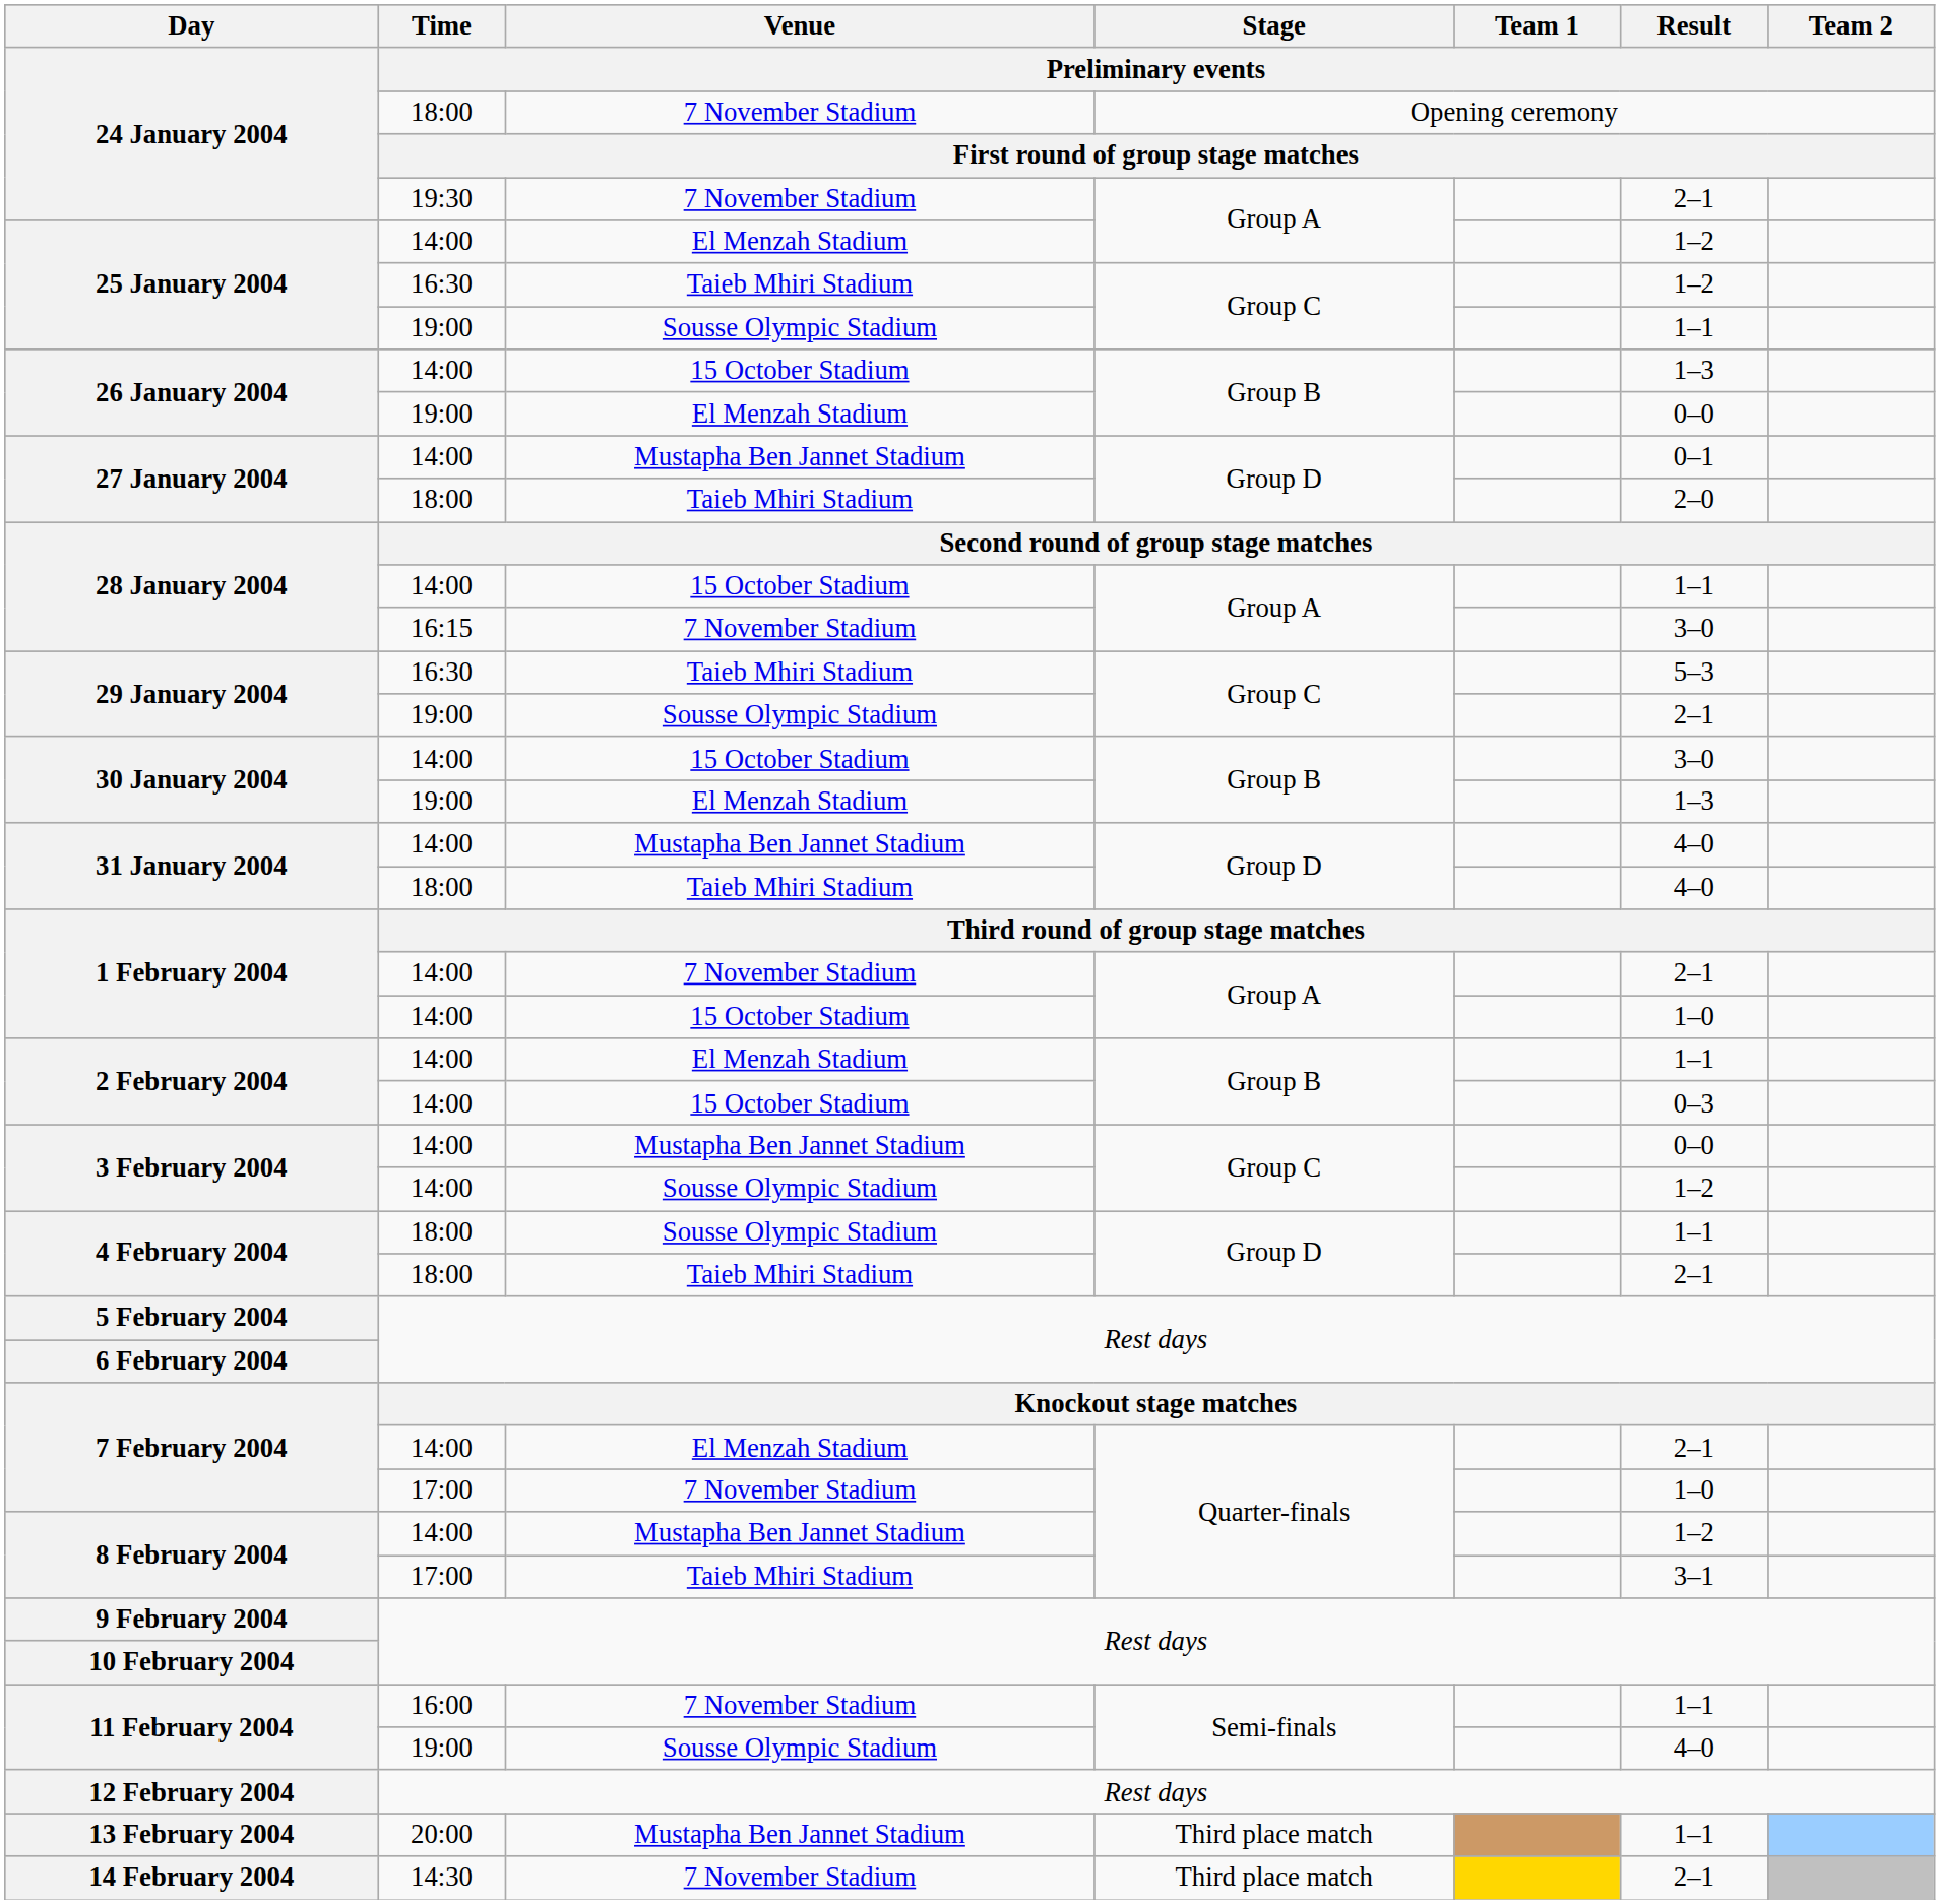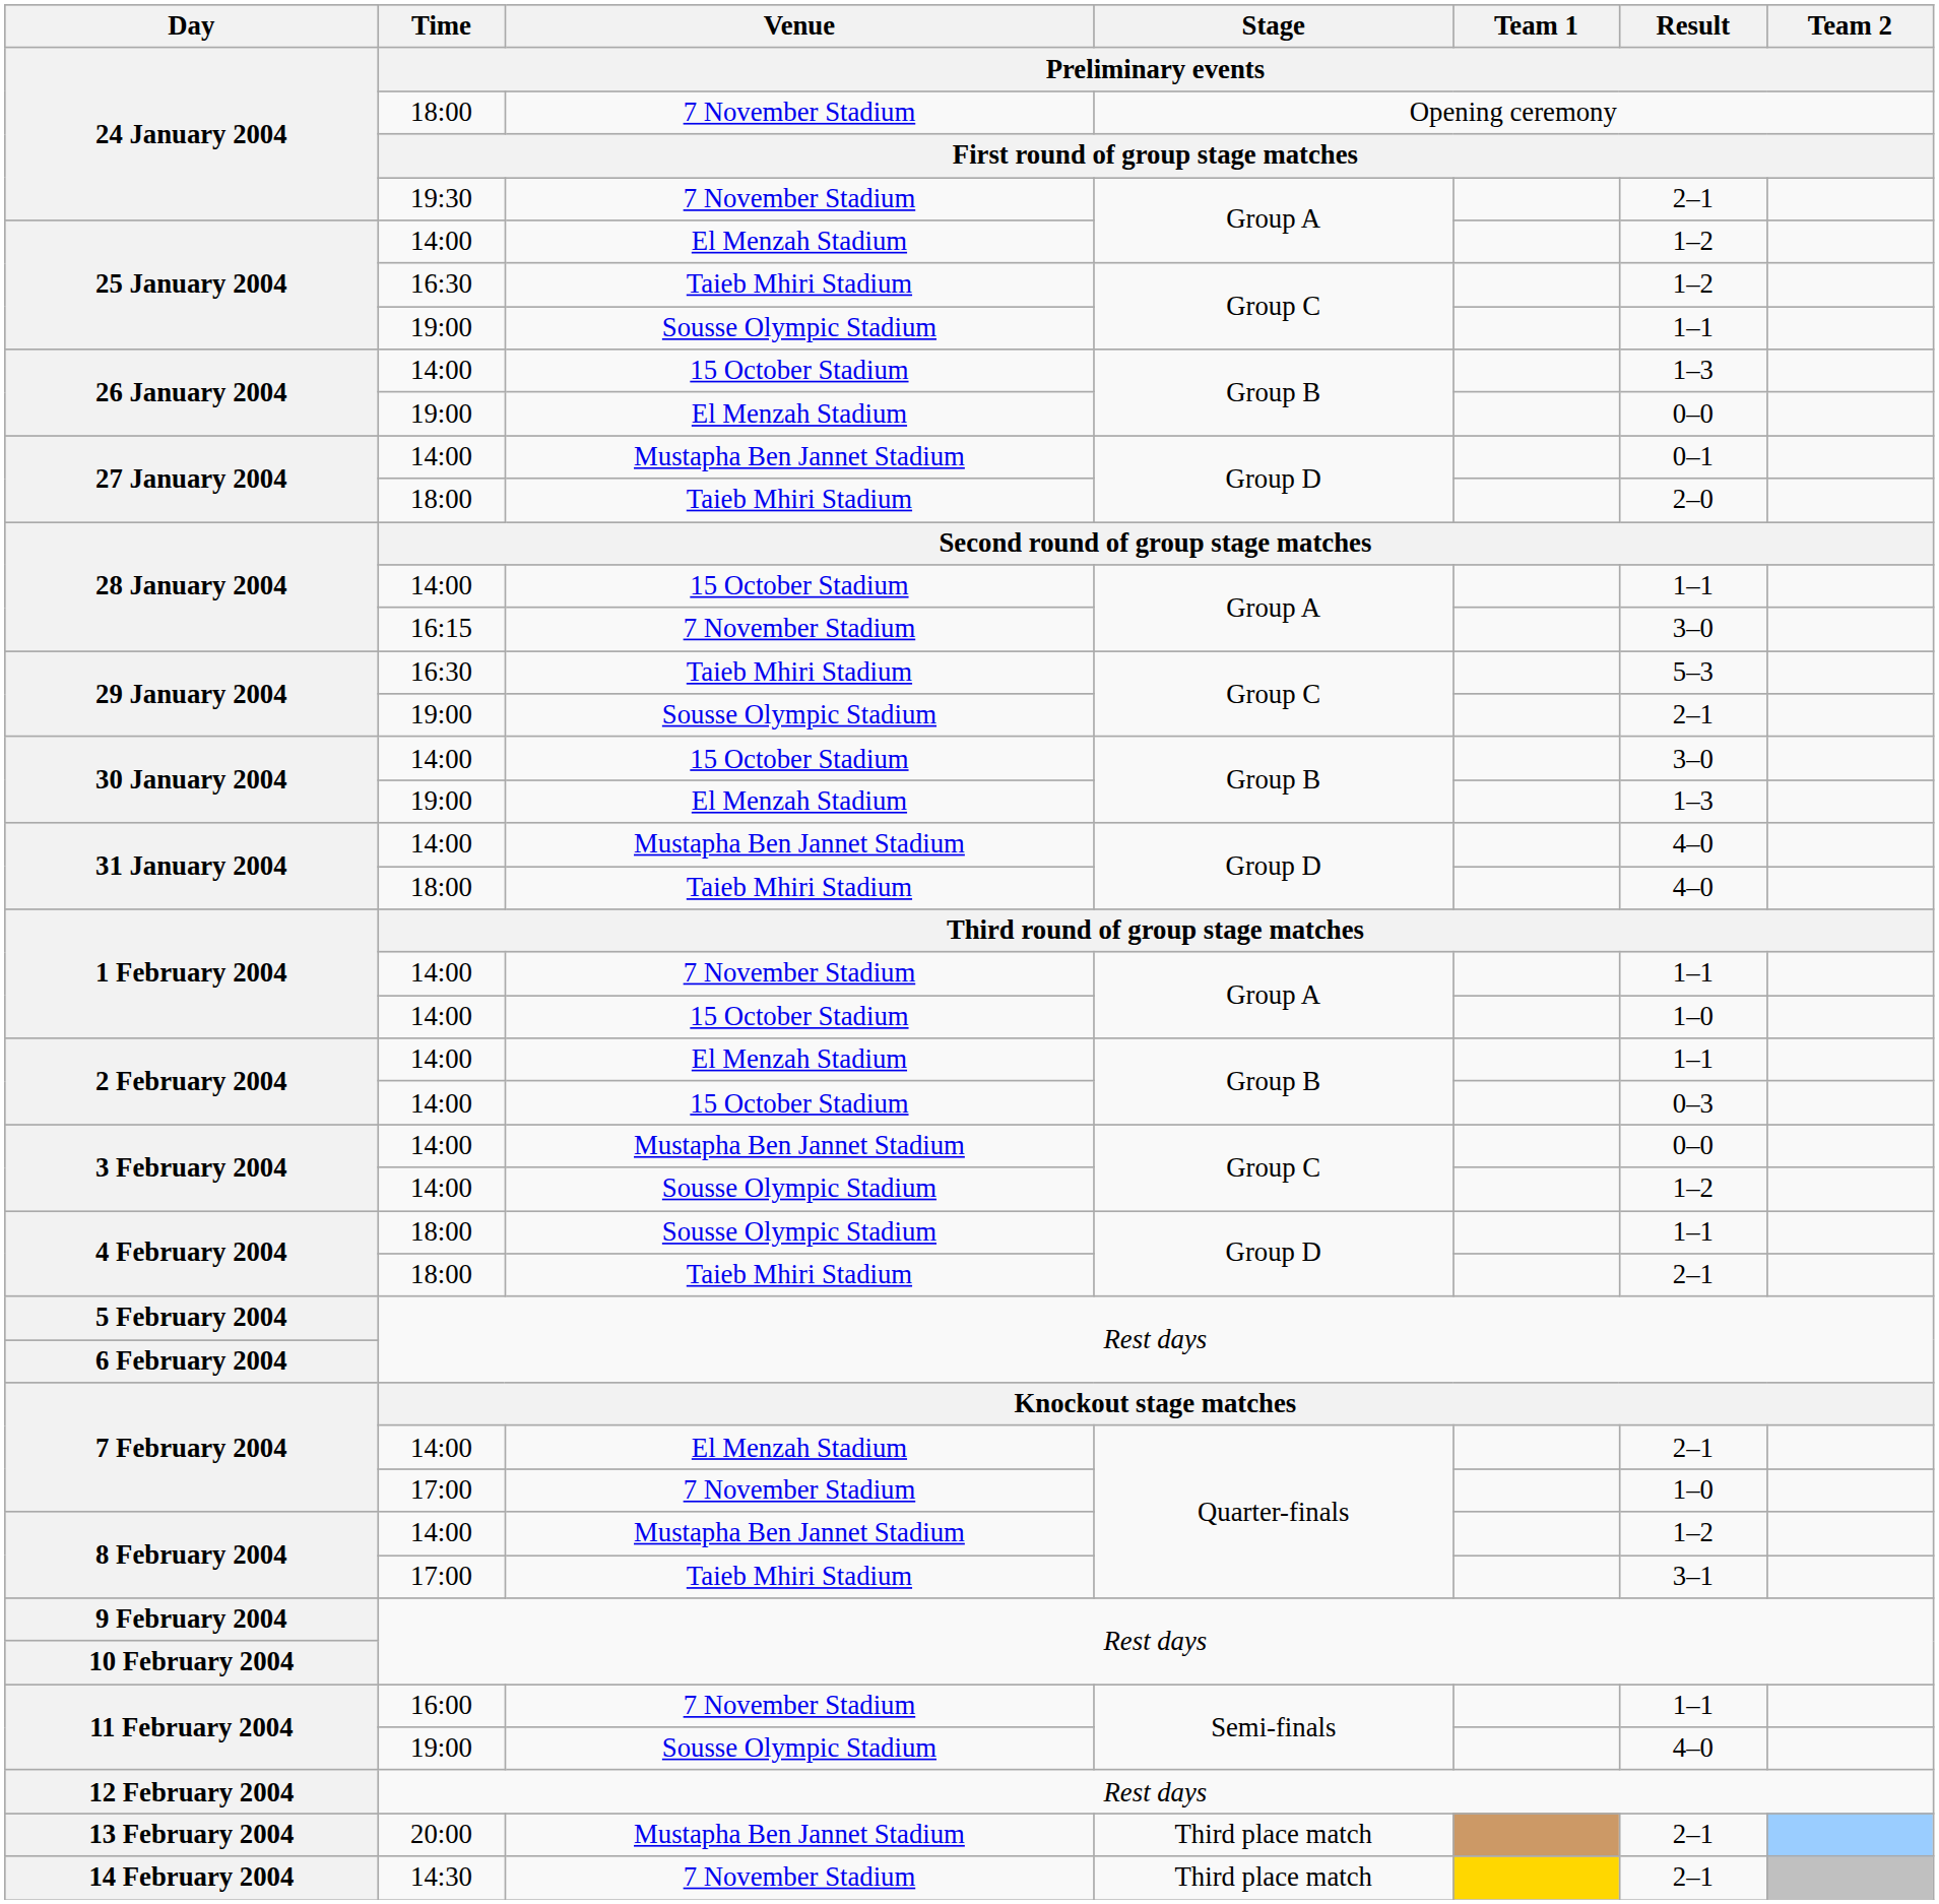 <table class="wikitable collapsible collapsed" style="font-size:100%; text-align:center; width:90%">
 <tr>
 <th>Day</th>
 <th>Time</th>
 <th>Venue</th>
 <th>Stage</th>
 <th>Team 1</th>
 <th>Result</th>
 <th>Team 2</th>
 </tr>
 <tr>
 <th rowspan="4">24 January 2004</th>
 <th colspan="6">Preliminary events</th>
 </tr>
 <tr>
 <td>18:00</td>
 <td><a href='#'>7 November Stadium</a></td>
 <td colspan="4">Opening ceremony</td>
 </tr>
 <tr>
 <th colspan="6">First round of group stage matches</th>
 </tr>
 <tr>
 <td>19:30</td>
 <td><a href='#'>7 November Stadium</a></td>
 <td rowspan="2">Group A</td>
 <td align="right"></td>
 <td>2–1</td>
 <td align="left"></td>
 </tr>
 <tr>
 <th rowspan="3">25 January 2004</th>
 <td>14:00</td>
 <td><a href='#'>El Menzah Stadium</a></td>
 <td align="right"></td>
 <td>1–2</td>
 <td align="left"></td>
 </tr>
 <tr>
 <td>16:30</td>
 <td><a href='#'>Taieb Mhiri Stadium</a></td>
 <td rowspan="2">Group C</td>
 <td align="right"></td>
 <td>1–2</td>
 <td align="left"></td>
 </tr>
 <tr>
 <td>19:00</td>
 <td><a href='#'>Sousse Olympic Stadium</a></td>
 <td align="right"></td>
 <td>1–1</td>
 <td align="left"></td>
 </tr>
 <tr>
 <th rowspan="2">26 January 2004</th>
 <td>14:00</td>
 <td><a href='#'>15 October Stadium</a></td>
 <td rowspan="2">Group B</td>
 <td align="right"></td>
 <td>1–3</td>
 <td align="left"></td>
 </tr>
 <tr>
 <td>19:00</td>
 <td><a href='#'>El Menzah Stadium</a></td>
 <td align="right"></td>
 <td>0–0</td>
 <td align="left"></td>
 </tr>
 <tr>
 <th rowspan="2">27 January 2004</th>
 <td>14:00</td>
 <td><a href='#'>Mustapha Ben Jannet Stadium</a></td>
 <td rowspan="2">Group D</td>
 <td align="right"></td>
 <td>0–1</td>
 <td align="left"></td>
 </tr>
 <tr>
 <td>18:00</td>
 <td><a href='#'>Taieb Mhiri Stadium</a></td>
 <td align="right"></td>
 <td>2–0</td>
 <td align="left"></td>
 </tr>
 <tr>
 <th rowspan="3">28 January 2004</th>
 <th colspan="6">Second round of group stage matches</th>
 </tr>
 <tr>
 <td>14:00</td>
 <td><a href='#'>15 October Stadium</a></td>
 <td rowspan="2">Group A</td>
 <td align="right"></td>
 <td>1–1</td>
 <td align="left"></td>
 </tr>
 <tr>
 <td>16:15</td>
 <td><a href='#'>7 November Stadium</a></td>
 <td align="right"></td>
 <td>3–0</td>
 <td align="left"></td>
 </tr>
 <tr>
 <th rowspan="2">29 January 2004</th>
 <td>16:30</td>
 <td><a href='#'>Taieb Mhiri Stadium</a></td>
 <td rowspan="2">Group C</td>
 <td align="right"></td>
 <td>5–3</td>
 <td align="left"></td>
 </tr>
 <tr>
 <td>19:00</td>
 <td><a href='#'>Sousse Olympic Stadium</a></td>
 <td align="right"></td>
 <td>2–1</td>
 <td align="left"></td>
 </tr>
 <tr>
 <th rowspan="2">30 January 2004</th>
 <td>14:00</td>
 <td><a href='#'>15 October Stadium</a></td>
 <td rowspan="2">Group B</td>
 <td align="right"></td>
 <td>3–0</td>
 <td align="left"></td>
 </tr>
 <tr>
 <td>19:00</td>
 <td><a href='#'>El Menzah Stadium</a></td>
 <td align="right"></td>
 <td>1–3</td>
 <td align="left"></td>
 </tr>
 <tr>
 <th rowspan="2">31 January 2004</th>
 <td>14:00</td>
 <td><a href='#'>Mustapha Ben Jannet Stadium</a></td>
 <td rowspan="2">Group D</td>
 <td align="right"></td>
 <td>4–0</td>
 <td align="left"></td>
 </tr>
 <tr>
 <td>18:00</td>
 <td><a href='#'>Taieb Mhiri Stadium</a></td>
 <td align="right"></td>
 <td>4–0</td>
 <td align="left"></td>
 </tr>
 <tr>
 <th rowspan="3">1 February 2004</th>
 <th colspan="6">Third round of group stage matches</th>
 </tr>
 <tr>
 <td>14:00</td>
 <td><a href='#'>7 November Stadium</a></td>
 <td rowspan="2">Group A</td>
 <td align="right"></td>
-<td>2–1</td>
+<td>1–1</td>
 <td align="left"></td>
 </tr>
 <tr>
 <td>14:00</td>
 <td><a href='#'>15 October Stadium</a></td>
 <td align="right"></td>
 <td>1–0</td>
 <td align="left"></td>
 </tr>
 <tr>
 <th rowspan="2">2 February 2004</th>
 <td>14:00</td>
 <td><a href='#'>El Menzah Stadium</a></td>
 <td rowspan="2">Group B</td>
 <td align="right"></td>
 <td>1–1</td>
 <td align="left"></td>
 </tr>
 <tr>
 <td>14:00</td>
 <td><a href='#'>15 October Stadium</a></td>
 <td align="right"></td>
 <td>0–3</td>
 <td align="left"></td>
 </tr>
 <tr>
 <th rowspan="2">3 February 2004</th>
 <td>14:00</td>
 <td><a href='#'>Mustapha Ben Jannet Stadium</a></td>
 <td rowspan="2">Group C</td>
 <td align="right"></td>
 <td>0–0</td>
 <td align="left"></td>
 </tr>
 <tr>
 <td>14:00</td>
 <td><a href='#'>Sousse Olympic Stadium</a></td>
 <td align="right"></td>
 <td>1–2</td>
 <td align="left"></td>
 </tr>
 <tr>
 <th rowspan="2">4 February 2004</th>
 <td>18:00</td>
 <td><a href='#'>Sousse Olympic Stadium</a></td>
 <td rowspan="2">Group D</td>
 <td align="right"></td>
 <td>1–1</td>
 <td align="left"></td>
 </tr>
 <tr>
 <td>18:00</td>
 <td><a href='#'>Taieb Mhiri Stadium</a></td>
 <td align="right"></td>
 <td>2–1</td>
 <td align="left"></td>
 </tr>
 <tr>
 <th>5 February 2004</th>
 <td colspan="6" rowspan="2"><em>Rest days</em></td>
 </tr>
 <tr>
 <th>6 February 2004</th>
 </tr>
 <tr>
 <th rowspan="3">7 February 2004</th>
 <th colspan="6">Knockout stage matches</th>
 </tr>
 <tr>
 <td>14:00</td>
 <td><a href='#'>El Menzah Stadium</a></td>
 <td rowspan="4">Quarter-finals</td>
 <td align="right"></td>
 <td>2–1</td>
 <td align="left"></td>
 </tr>
 <tr>
 <td>17:00</td>
 <td><a href='#'>7 November Stadium</a></td>
 <td align="right"></td>
 <td>1–0</td>
 <td align="left"></td>
 </tr>
 <tr>
 <th rowspan="2">8 February 2004</th>
 <td>14:00</td>
 <td><a href='#'>Mustapha Ben Jannet Stadium</a></td>
 <td align="right"></td>
 <td>1–2</td>
 <td align="left"></td>
 </tr>
 <tr>
 <td>17:00</td>
 <td><a href='#'>Taieb Mhiri Stadium</a></td>
 <td align="right"></td>
 <td>3–1 </td>
 <td align="left"></td>
 </tr>
 <tr>
 <th>9 February 2004</th>
 <td colspan="6" rowspan="2"><em>Rest days</em></td>
 </tr>
 <tr>
 <th>10 February 2004</th>
 </tr>
 <tr>
 <th rowspan="2">11 February 2004</th>
 <td>16:00</td>
 <td><a href='#'>7 November Stadium</a></td>
 <td rowspan="2">Semi-finals</td>
 <td align="right"></td>
 <td>1–1 </td>
 <td align="left"></td>
 </tr>
 <tr>
 <td>19:00</td>
 <td><a href='#'>Sousse Olympic Stadium</a></td>
 <td align="right"></td>
 <td>4–0</td>
 <td align="left"></td>
 </tr>
 <tr>
 <th>12 February 2004</th>
 <td colspan="6"><em>Rest days</em></td>
 </tr>
 <tr>
 <th>13 February 2004</th>
 <td>20:00</td>
 <td><a href='#'>Mustapha Ben Jannet Stadium</a></td>
 <td>Third place match</td>
 <td align="right" style="background:#cc9966"></td>
-<td>1–1</td>
+<td>2–1</td>
 <td align="left"style="background:#9acdff;"></td>
 </tr>
 <tr>
 <th>14 February 2004</th>
 <td>14:30</td>
 <td><a href='#'>7 November Stadium</a></td>
 <td>Third place match</td>
 <td align="right" style="background:gold"></td>
 <td>2–1</td>
 <td align="left" style="background:silver"></td>
 </tr>
 </table>
